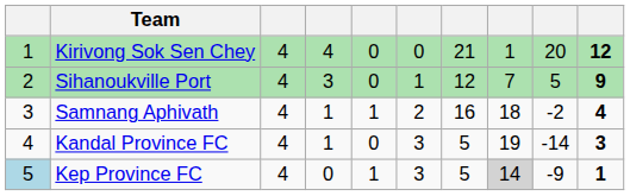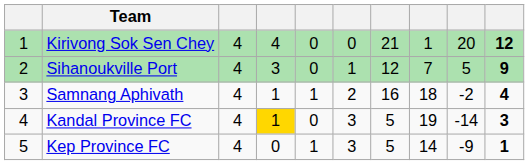 <table class="wikitable" style="text-align: center;">
 <tr>
 <th width=30></th>
 <th width=165>Team</th>
 <th width=30></th>
 <th width=30></th>
 <th width=30></th>
 <th width=30></th>
 <th width=30></th>
 <th width=30></th>
 <th width=30></th>
 <th width=30></th>
 </tr>
 <tr style="background:#ace1af;">
 <td>1</td>
 <td align=left><a href='#'>Kirivong Sok Sen Chey</a></td>
 <td>4</td>
 <td>4</td>
 <td>0</td>
 <td>0</td>
 <td>21</td>
 <td>1</td>
 <td>20</td>
 <td><strong>12</strong></td>
 </tr>
 <tr style="background:#ace1af;">
 <td>2</td>
 <td align=left><a href='#'>Sihanoukville Port</a></td>
 <td>4</td>
 <td>3</td>
 <td>0</td>
 <td>1</td>
 <td>12</td>
 <td>7</td>
 <td>5</td>
 <td><strong>9</strong></td>
 </tr>
 <tr>
 <td>3</td>
 <td align=left><a href='#'>Samnang Aphivath</a></td>
 <td>4</td>
 <td>1</td>
 <td>1</td>
 <td>2</td>
 <td>16</td>
 <td>18</td>
 <td>-2</td>
 <td><strong>4</strong></td>
 </tr>
 <tr>
 <td>4</td>
 <td align=left><a href='#'>Kandal Province FC</a></td>
 <td>4</td>
-<td>1</td>
+<td style="background: gold;">1</td>
 <td>0</td>
 <td>3</td>
 <td>5</td>
 <td>19</td>
 <td>-14</td>
 <td><strong>3</strong></td>
 </tr>
 <tr>
-<td style="background: lightblue;">5</td>
+<td>5</td>
 <td align=left><a href='#'>Kep Province FC</a></td>
 <td>4</td>
 <td>0</td>
 <td>1</td>
 <td>3</td>
 <td>5</td>
-<td style="background: lightgrey;">14</td>
+<td>14</td>
 <td>-9</td>
 <td><strong>1</strong></td>
 </tr>
 </table>
